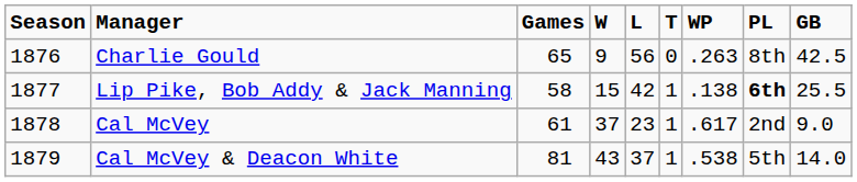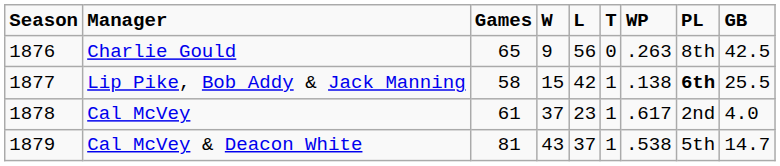 <table class="wikitable" | style="align: left; margin: 0px" |>
 <tr>
 <td><strong>Season</strong></td>
 <td><strong>Manager</strong></td>
 <td><strong>Games</strong></td>
 <td><strong>W</strong></td>
 <td><strong>L</strong></td>
 <td><strong>T</strong></td>
 <td><strong>WP</strong></td>
 <td><strong>PL</strong></td>
 <td><strong>GB</strong></td>
 </tr>
 <tr>
 <td>1876</td>
 <td><a href='#'>Charlie Gould</a></td>
 <td>  65</td>
 <td>9</td>
 <td>56</td>
 <td>0</td>
 <td>.263</td>
 <td>8th</td>
 <td>42.5</td>
 </tr>
 <tr>
 <td>1877</td>
 <td><a href='#'>Lip Pike</a>, <a href='#'>Bob Addy</a> & <a href='#'>Jack Manning</a></td>
 <td>  58</td>
 <td>15</td>
 <td>42</td>
 <td>1</td>
 <td>.138</td>
 <td><strong>6th</strong></td>
 <td>25.5</td>
 </tr>
 <tr>
 <td>1878</td>
 <td><a href='#'>Cal McVey</a></td>
 <td>  61</td>
 <td>37</td>
 <td>23</td>
 <td>1</td>
 <td>.617</td>
 <td>2nd</td>
-<td>9.0</td>
+<td>4.0</td>
 </tr>
 <tr>
 <td>1879</td>
 <td><a href='#'>Cal McVey</a> & <a href='#'>Deacon White</a></td>
 <td>  81</td>
 <td>43</td>
 <td>37</td>
 <td>1</td>
 <td>.538</td>
 <td>5th</td>
-<td>14.0</td>
+<td>14.7</td>
 </tr>
 </table>
